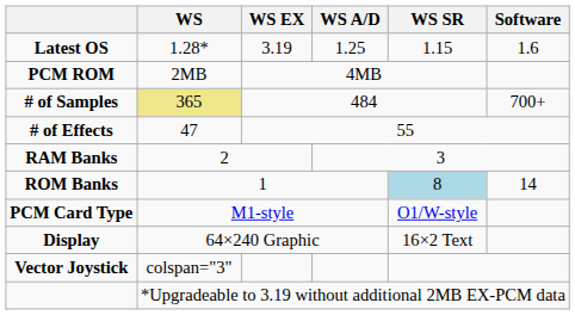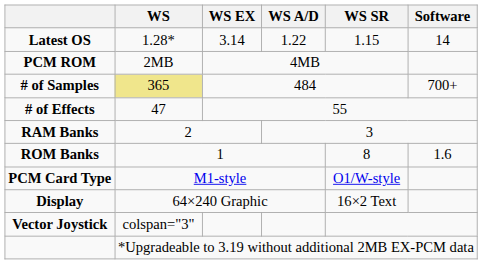 <table class="wikitable" table align="right" style="text-align: center; margin-left:1em">
 <tr>
 <th></th>
 <th>WS</th>
 <th>WS EX</th>
 <th>WS A/D</th>
 <th>WS SR</th>
 <th>Software</th>
 </tr>
 <tr>
 <td><strong>Latest OS</strong></td>
 <td>1.28*</td>
-<td>3.19</td>
-<td>1.25</td>
+<td>3.14</td>
+<td>1.22</td>
 <td>1.15</td>
-<td>1.6</td>
+<td>14</td>
 </tr>
 <tr>
 <td><strong>PCM ROM</strong></td>
 <td>2MB</td>
 <td colspan="3">4MB</td>
 </tr>
 <tr>
 <td><strong># of Samples</strong></td>
 <td style="background: khaki;">365</td>
 <td colspan="3">484</td>
 <td>700+</td>
 </tr>
 <tr>
 <td><strong># of Effects</strong></td>
 <td>47</td>
 <td colspan="4">55</td>
 </tr>
 <tr>
 <td><strong>RAM Banks</strong></td>
 <td colspan="2">2</td>
 <td colspan="3">3</td>
 </tr>
 <tr>
 <td><strong>ROM Banks</strong></td>
 <td colspan="3">1</td>
-<td style="background: lightblue;">8</td>
-<td>14</td>
+<td>8</td>
+<td>1.6</td>
 </tr>
 <tr>
 <td><strong>PCM Card Type</strong></td>
 <td colspan="3"><a href='#'>M1-style</a></td>
 <td><a href='#'>O1/W-style</a></td>
 <td></td>
 </tr>
 <tr>
 <td><strong>Display</strong></td>
 <td colspan="3">64×240 Graphic</td>
 <td>16×2 Text</td>
 <td></td>
 </tr>
 <tr>
 <td><strong>Vector Joystick</strong></td>
 <td>colspan="3" </td>
 <td></td>
 <td></td>
 </tr>
 <tr>
 <td></td>
 <td colspan="5" align="left">*Upgradeable to 3.19 without additional 2MB EX-PCM data</td>
 </tr>
 </table>
